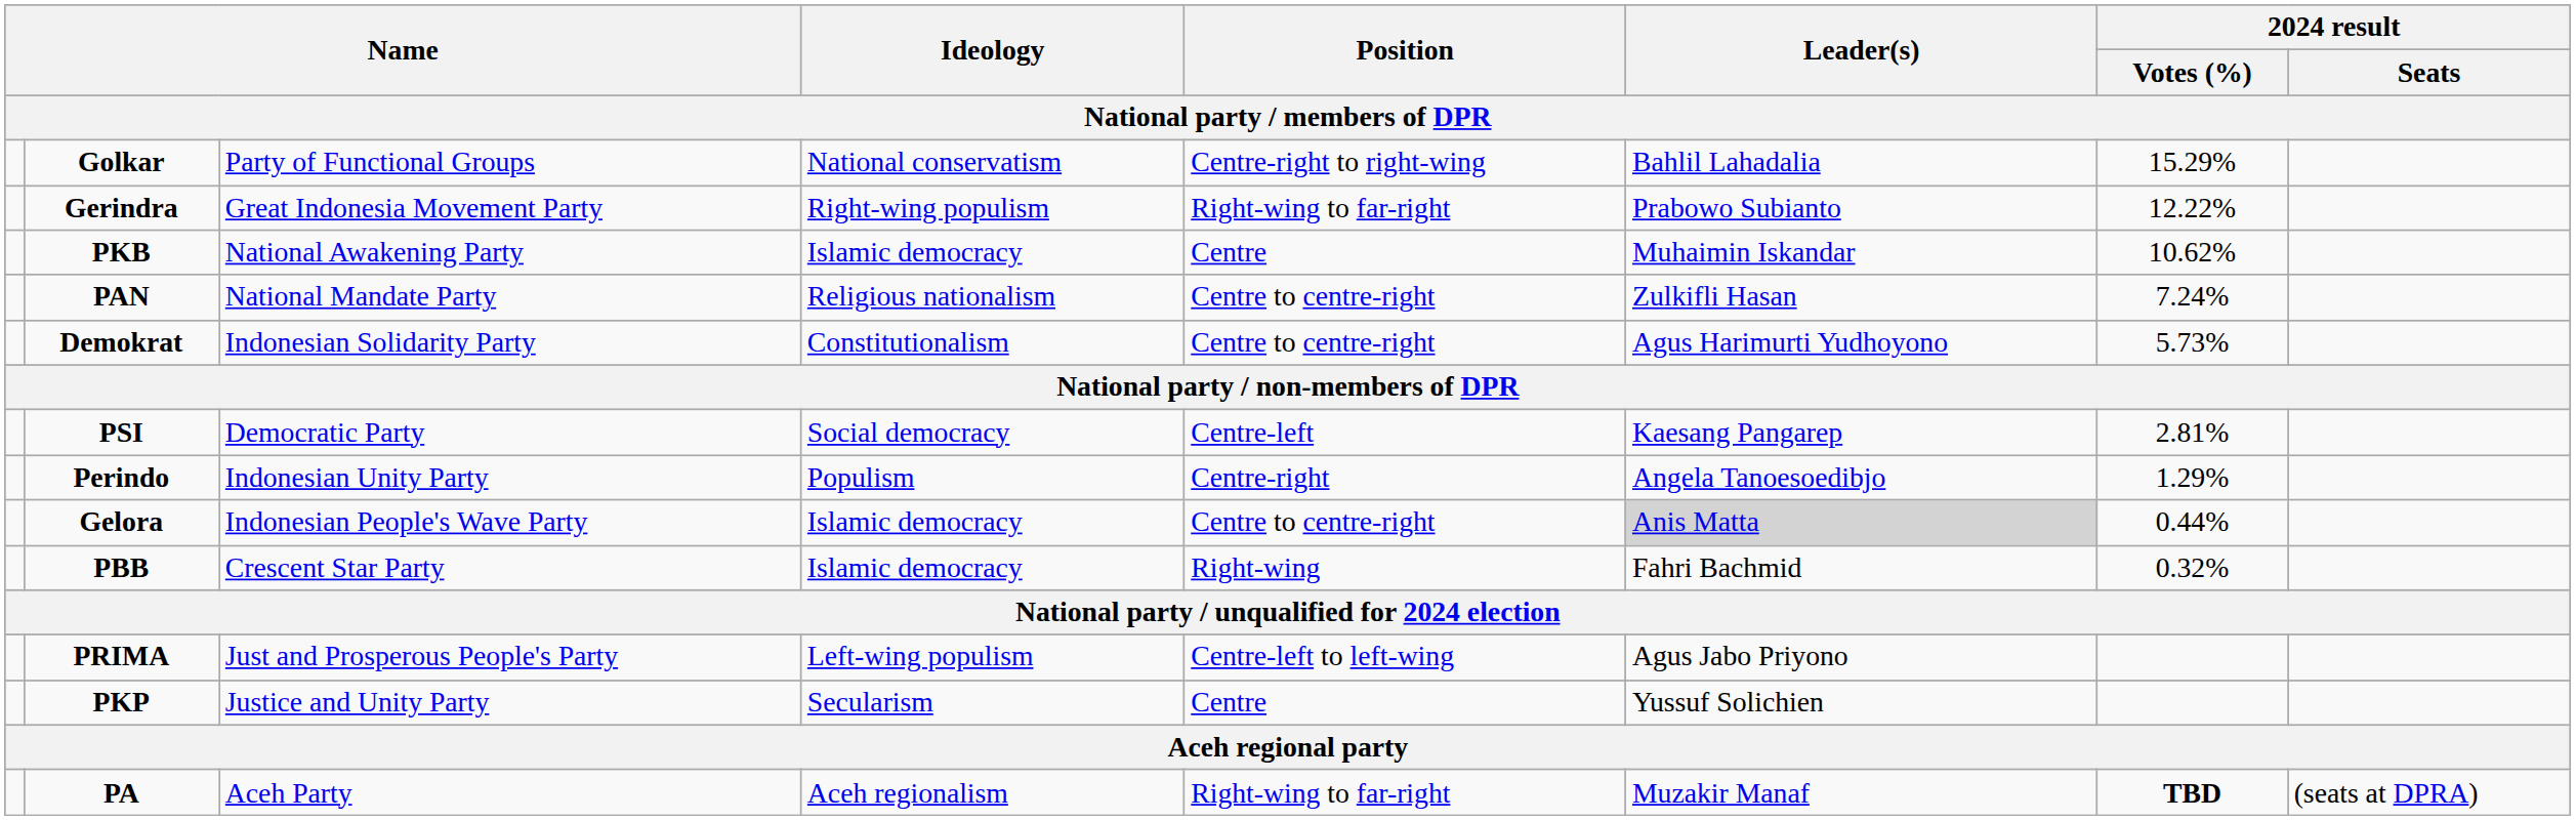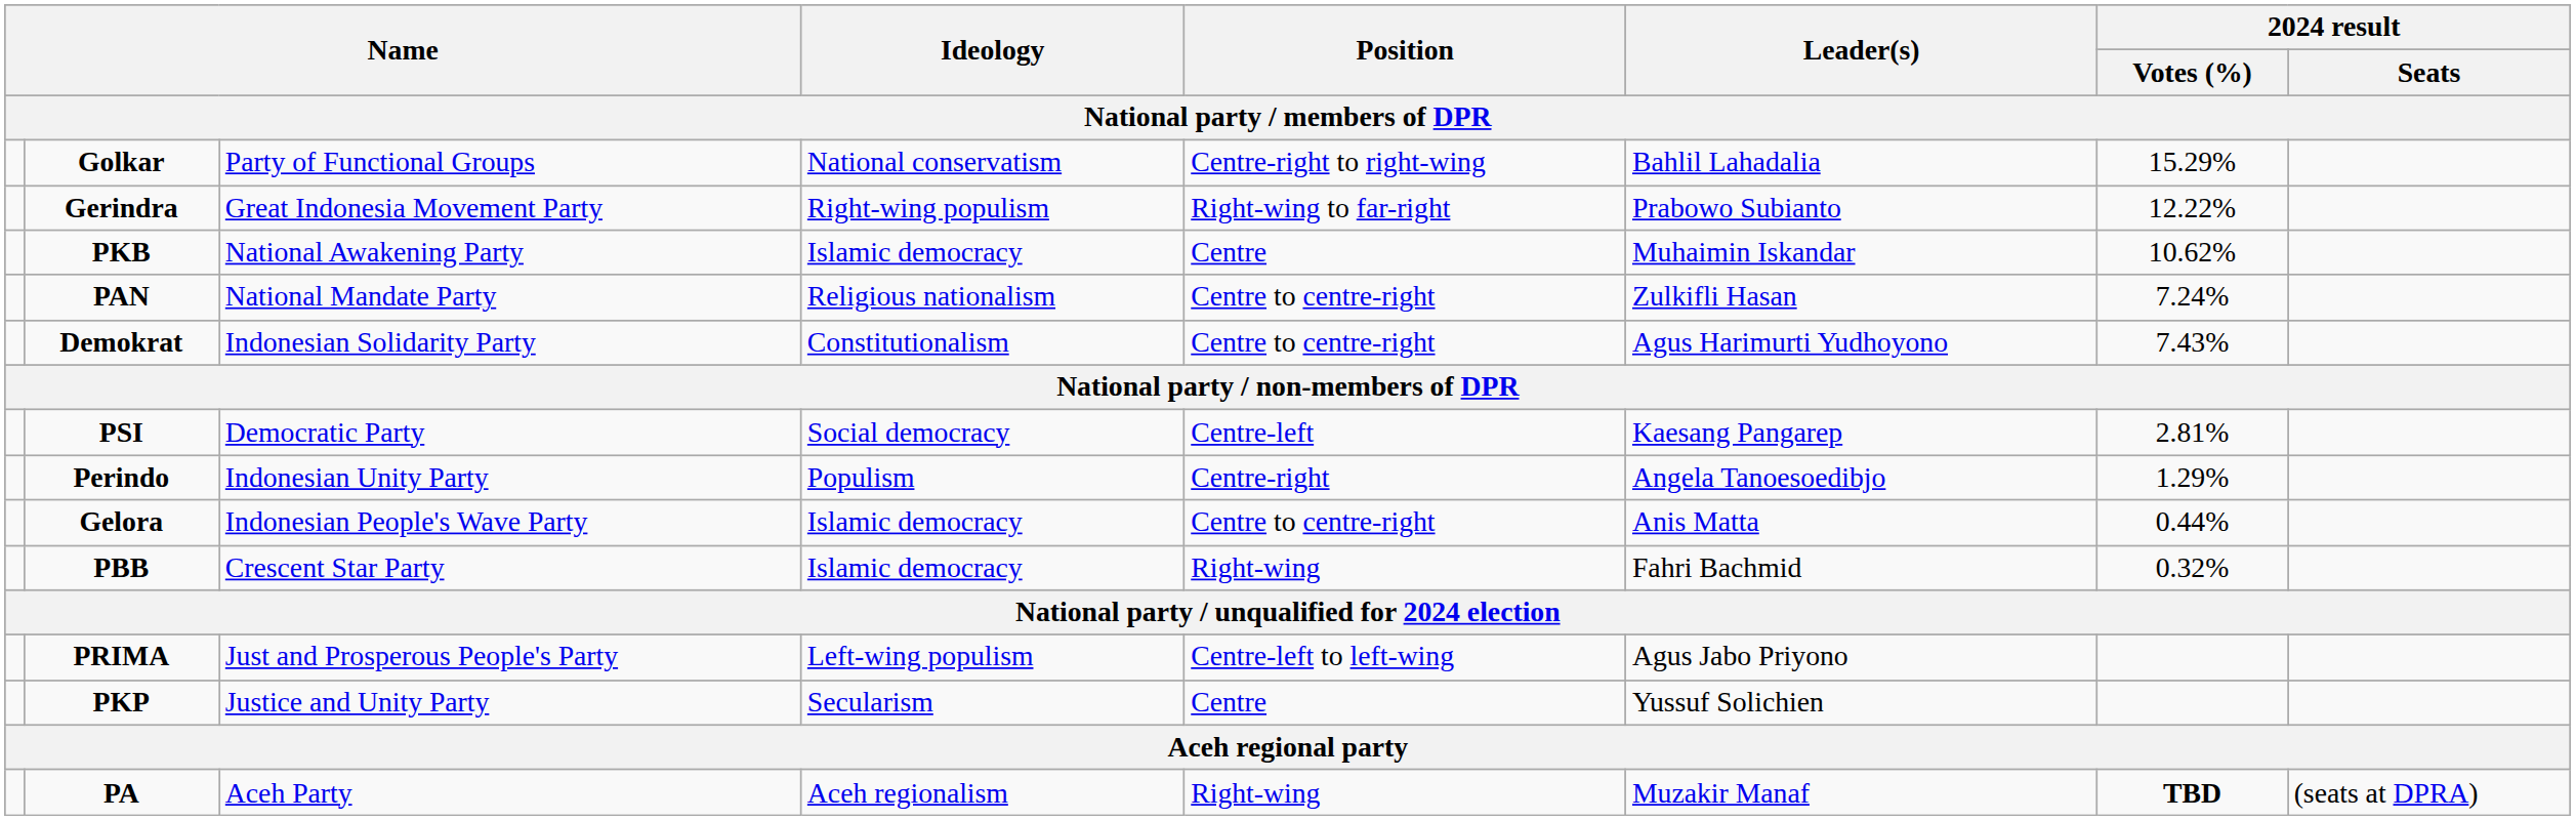 <table class="wikitable" style="width:73%;">
 <tr>
 <th colspan="3" rowspan="2">Name</th>
 <th rowspan="2">Ideology</th>
 <th rowspan="2">Position</th>
 <th rowspan="2">Leader(s)</th>
 <th colspan="2">2024 result</th>
 </tr>
 <tr>
 <th>Votes (%)</th>
 <th>Seats</th>
 </tr>
 <tr>
 <th colspan="8">National party / members of <a href='#'>DPR</a></th>
 </tr>
 <tr>
 <td style="background:"></td>
 <td style="text-align:center;"><strong>Golkar</strong></td>
 <td><a href='#'>Party of Functional Groups</a><br></td>
 <td><a href='#'>National conservatism</a></td>
 <td><a href='#'>Centre-right</a> to <a href='#'>right-wing</a></td>
 <td><a href='#'>Bahlil Lahadalia</a></td>
 <td style="text-align:center;">15.29%</td>
 <td></td>
 </tr>
 <tr>
 <td style="background:"></td>
 <td style="text-align:center;"><strong>Gerindra</strong></td>
 <td><a href='#'>Great Indonesia Movement Party</a><br></td>
 <td><a href='#'>Right-wing populism</a></td>
 <td><a href='#'>Right-wing</a> to <a href='#'>far-right</a></td>
 <td><a href='#'>Prabowo Subianto</a></td>
 <td style="text-align:center;">12.22%</td>
 <td></td>
 </tr>
 <tr>
 <td style="background:"></td>
 <td style="text-align:center;"><strong>PKB</strong></td>
 <td><a href='#'>National Awakening Party</a><br></td>
 <td><a href='#'>Islamic democracy</a></td>
 <td><a href='#'>Centre</a></td>
 <td><a href='#'>Muhaimin Iskandar</a></td>
 <td style="text-align:center;">10.62%</td>
 <td></td>
 </tr>
 <tr>
 <td style="background:"></td>
 <td style="text-align:center;"><strong>PAN</strong></td>
 <td><a href='#'>National Mandate Party</a><br></td>
 <td><a href='#'>Religious nationalism</a></td>
 <td><a href='#'>Centre</a> to <a href='#'>centre-right</a></td>
 <td><a href='#'>Zulkifli Hasan</a></td>
 <td style="text-align:center;">7.24%</td>
 <td></td>
 </tr>
 <tr>
 <td style="background:"></td>
 <td style="text-align:center;"><strong>Demokrat</strong></td>
 <td><a href='#'>Indonesian Solidarity Party</a><br></td>
 <td><a href='#'>Constitutionalism</a></td>
 <td><a href='#'>Centre</a> to <a href='#'>centre-right</a></td>
 <td><a href='#'>Agus Harimurti Yudhoyono</a></td>
-<td style="text-align:center;">5.73%</td>
+<td style="text-align:center;">7.43%</td>
 <td></td>
 </tr>
 <tr>
 <th colspan="8">National party / non-members of <a href='#'>DPR</a></th>
 </tr>
 <tr>
 <td style="background:"></td>
 <td style="text-align:center;"><strong>PSI</strong></td>
 <td><a href='#'>Democratic Party</a><br></td>
 <td><a href='#'>Social democracy</a></td>
 <td><a href='#'>Centre-left</a></td>
 <td><a href='#'>Kaesang Pangarep</a></td>
 <td style="text-align:center;">2.81%</td>
 <td></td>
 </tr>
 <tr>
 <td style="background:"></td>
 <td style="text-align:center;"><strong>Perindo</strong></td>
 <td><a href='#'>Indonesian Unity Party</a><br></td>
 <td><a href='#'>Populism</a></td>
 <td><a href='#'>Centre-right</a></td>
 <td><a href='#'>Angela Tanoesoedibjo</a></td>
 <td style="text-align:center;">1.29%</td>
 <td></td>
 </tr>
 <tr>
 <td style="background:"></td>
 <td style="text-align:center;"><strong>Gelora</strong></td>
 <td><a href='#'>Indonesian People's Wave Party</a><br></td>
 <td><a href='#'>Islamic democracy</a></td>
 <td><a href='#'>Centre</a> to <a href='#'>centre-right</a></td>
-<td style="background: lightgrey;"><a href='#'>Anis Matta</a></td>
+<td><a href='#'>Anis Matta</a></td>
 <td style="text-align:center;">0.44%</td>
 <td></td>
 </tr>
 <tr>
 <td style="background:"></td>
 <td style="text-align:center;"><strong>PBB</strong></td>
 <td><a href='#'>Crescent Star Party</a><br></td>
 <td><a href='#'>Islamic democracy</a></td>
 <td><a href='#'>Right-wing</a></td>
 <td>Fahri Bachmid</td>
 <td style="text-align:center;">0.32%</td>
 <td></td>
 </tr>
 <tr>
 <th colspan="8">National party / unqualified for <a href='#'>2024 election</a></th>
 </tr>
 <tr>
 <td style="background:"></td>
 <td style="text-align:center;"><strong>PRIMA</strong></td>
 <td><a href='#'>Just and Prosperous People's Party</a><br></td>
 <td><a href='#'>Left-wing populism</a></td>
 <td><a href='#'>Centre-left</a> to <a href='#'>left-wing</a></td>
 <td>Agus Jabo Priyono</td>
 <td></td>
 <td></td>
 </tr>
 <tr>
 <td style="background:"></td>
 <td style="text-align:center;"><strong>PKP</strong></td>
 <td><a href='#'>Justice and Unity Party</a><br></td>
 <td><a href='#'>Secularism</a></td>
 <td><a href='#'>Centre</a></td>
 <td>Yussuf Solichien</td>
 <td></td>
 <td></td>
 </tr>
 <tr>
 <th colspan="8">Aceh regional party</th>
 </tr>
 <tr>
 <td style="background:"></td>
 <td style="text-align:center;"><strong>PA</strong></td>
 <td><a href='#'>Aceh Party</a><br></td>
 <td><a href='#'>Aceh regionalism</a></td>
-<td><a href='#'>Right-wing</a> to <a href='#'>far-right</a></td>
+<td><a href='#'>Right-wing</a></td>
 <td><a href='#'>Muzakir Manaf</a></td>
 <td style="text-align:center;"><strong>TBD</strong></td>
 <td> (seats at <a href='#'>DPRA</a>)</td>
 </tr>
 </table>
